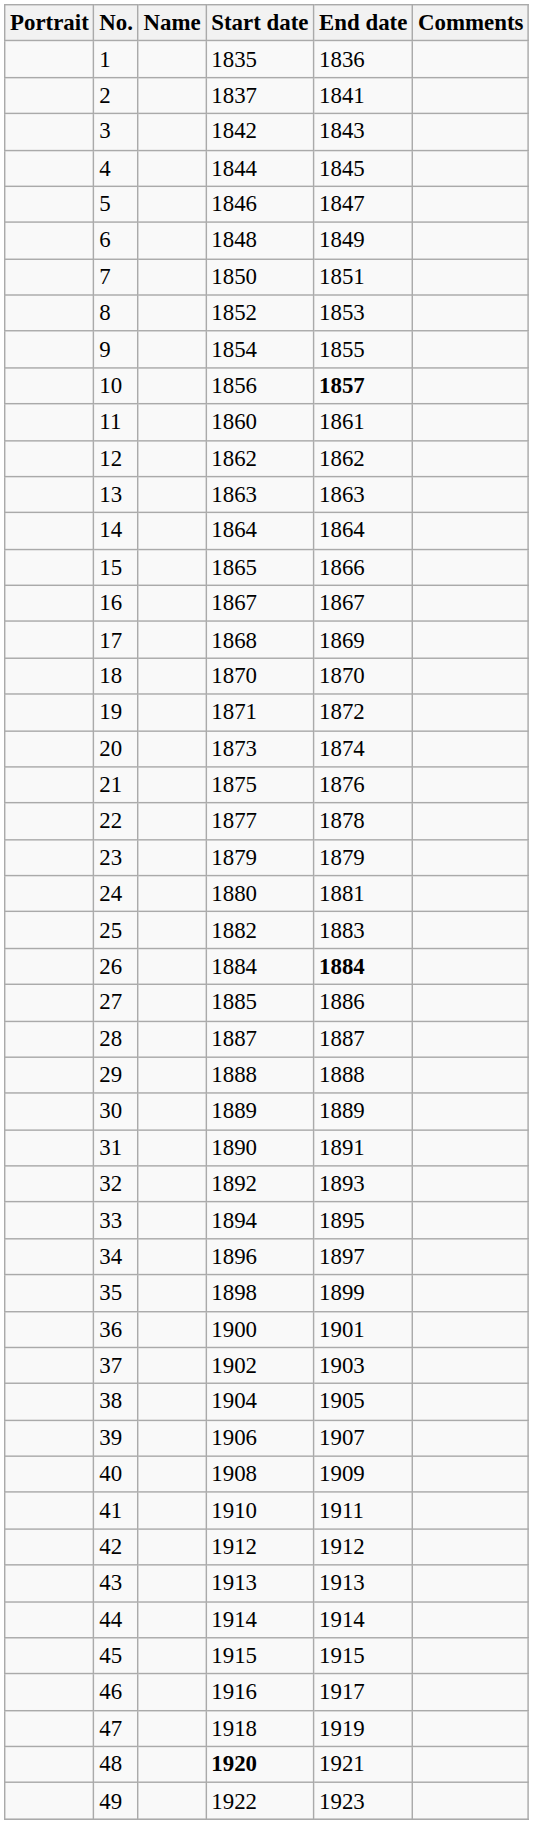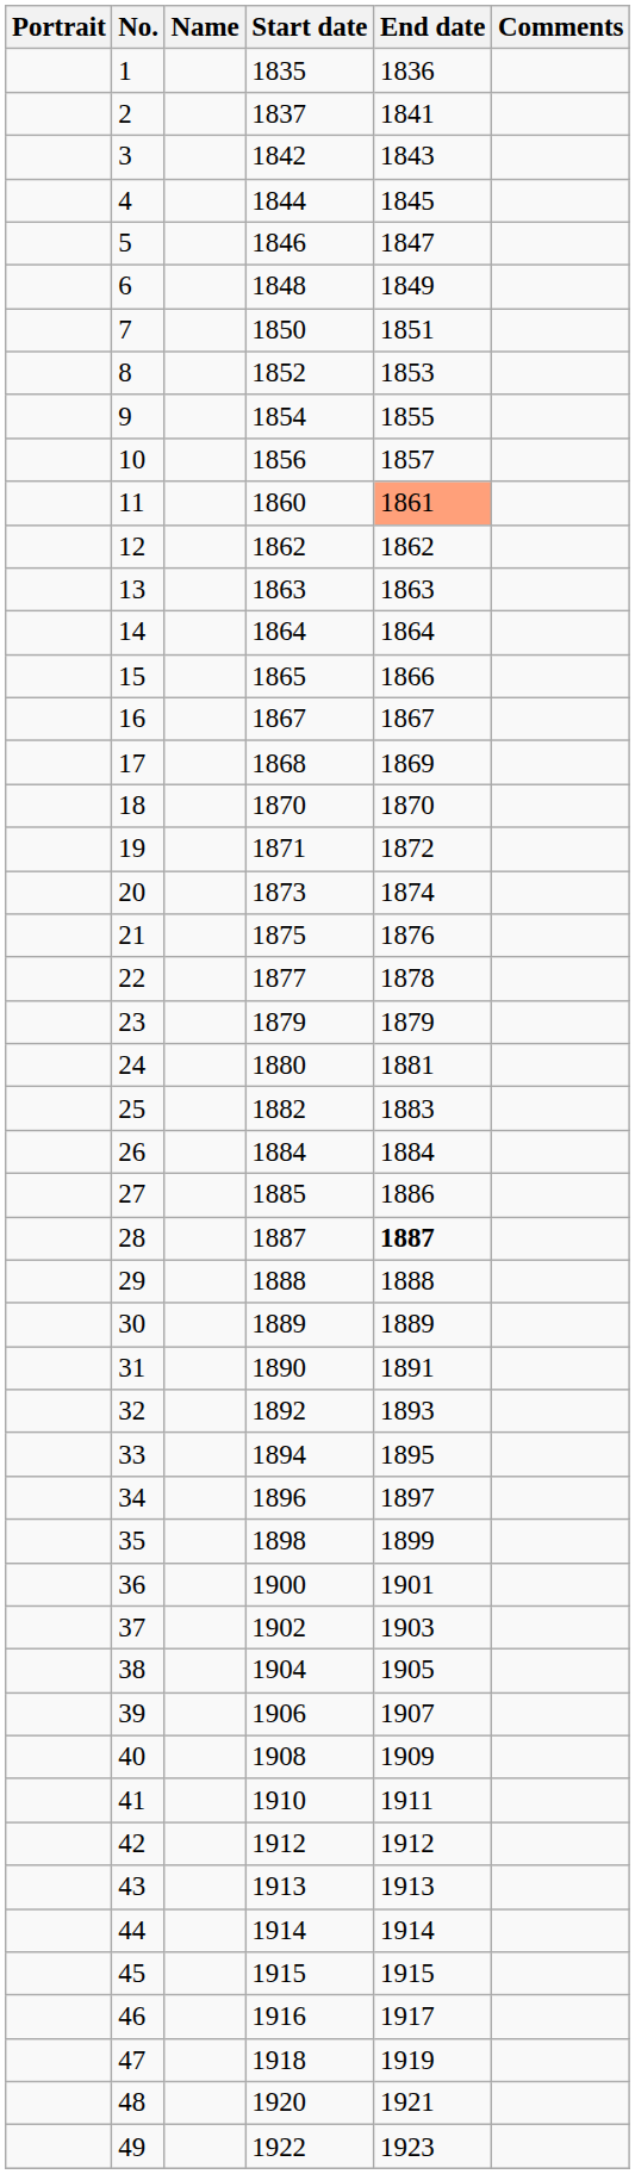 <table class="wikitable sortable">
 <tr>
 <th>Portrait</th>
 <th>No.</th>
 <th>Name</th>
 <th>Start date</th>
 <th>End date</th>
 <th>Comments</th>
 </tr>
 <tr>
 <td></td>
 <td>1</td>
 <td></td>
 <td>1835</td>
 <td>1836</td>
 <td></td>
 </tr>
 <tr>
 <td></td>
 <td>2</td>
 <td></td>
 <td>1837</td>
 <td>1841</td>
 <td></td>
 </tr>
 <tr>
 <td></td>
 <td>3</td>
 <td></td>
 <td>1842</td>
 <td>1843</td>
 <td></td>
 </tr>
 <tr>
 <td></td>
 <td>4</td>
 <td></td>
 <td>1844</td>
 <td>1845</td>
 <td></td>
 </tr>
 <tr>
 <td></td>
 <td>5</td>
 <td></td>
 <td>1846</td>
 <td>1847</td>
 <td></td>
 </tr>
 <tr>
 <td></td>
 <td>6</td>
 <td></td>
 <td>1848</td>
 <td>1849</td>
 <td></td>
 </tr>
 <tr>
 <td></td>
 <td>7</td>
 <td></td>
 <td>1850</td>
 <td>1851</td>
 <td></td>
 </tr>
 <tr>
 <td></td>
 <td>8</td>
 <td></td>
 <td>1852</td>
 <td>1853</td>
 <td></td>
 </tr>
 <tr>
 <td></td>
 <td>9</td>
 <td></td>
 <td>1854</td>
 <td>1855</td>
 <td></td>
 </tr>
 <tr>
 <td></td>
 <td>10</td>
 <td></td>
 <td>1856</td>
-<td><strong>1857</strong></td>
+<td>1857</td>
 <td></td>
 </tr>
 <tr>
 <td></td>
 <td>11</td>
 <td></td>
 <td>1860</td>
-<td>1861</td>
+<td style="background: lightsalmon;">1861</td>
 <td></td>
 </tr>
 <tr>
 <td></td>
 <td>12</td>
 <td></td>
 <td>1862</td>
 <td>1862</td>
 <td></td>
 </tr>
 <tr>
 <td></td>
 <td>13</td>
 <td></td>
 <td>1863</td>
 <td>1863</td>
 <td></td>
 </tr>
 <tr>
 <td></td>
 <td>14</td>
 <td></td>
 <td>1864</td>
 <td>1864</td>
 <td></td>
 </tr>
 <tr>
 <td></td>
 <td>15</td>
 <td></td>
 <td>1865</td>
 <td>1866</td>
 <td></td>
 </tr>
 <tr>
 <td></td>
 <td>16</td>
 <td></td>
 <td>1867</td>
 <td>1867</td>
 <td></td>
 </tr>
 <tr>
 <td></td>
 <td>17</td>
 <td></td>
 <td>1868</td>
 <td>1869</td>
 <td></td>
 </tr>
 <tr>
 <td></td>
 <td>18</td>
 <td></td>
 <td>1870</td>
 <td>1870</td>
 <td></td>
 </tr>
 <tr>
 <td></td>
 <td>19</td>
 <td></td>
 <td>1871</td>
 <td>1872</td>
 <td></td>
 </tr>
 <tr>
 <td></td>
 <td>20</td>
 <td></td>
 <td>1873</td>
 <td>1874</td>
 <td></td>
 </tr>
 <tr>
 <td></td>
 <td>21</td>
 <td></td>
 <td>1875</td>
 <td>1876</td>
 <td></td>
 </tr>
 <tr>
 <td></td>
 <td>22</td>
 <td></td>
 <td>1877</td>
 <td>1878</td>
 <td></td>
 </tr>
 <tr>
 <td></td>
 <td>23</td>
 <td></td>
 <td>1879</td>
 <td>1879</td>
 <td></td>
 </tr>
 <tr>
 <td></td>
 <td>24</td>
 <td></td>
 <td>1880</td>
 <td>1881</td>
 <td></td>
 </tr>
 <tr>
 <td></td>
 <td>25</td>
 <td></td>
 <td>1882</td>
 <td>1883</td>
 <td></td>
 </tr>
 <tr>
 <td></td>
 <td>26</td>
 <td></td>
 <td>1884</td>
-<td><strong>1884</strong></td>
+<td>1884</td>
 <td></td>
 </tr>
 <tr>
 <td></td>
 <td>27</td>
 <td></td>
 <td>1885</td>
 <td>1886</td>
 <td></td>
 </tr>
 <tr>
 <td></td>
 <td>28</td>
 <td></td>
 <td>1887</td>
-<td>1887</td>
+<td><strong>1887</strong></td>
 <td></td>
 </tr>
 <tr>
 <td></td>
 <td>29</td>
 <td></td>
 <td>1888</td>
 <td>1888</td>
 <td></td>
 </tr>
 <tr>
 <td></td>
 <td>30</td>
 <td></td>
 <td>1889</td>
 <td>1889</td>
 <td></td>
 </tr>
 <tr>
 <td></td>
 <td>31</td>
 <td></td>
 <td>1890</td>
 <td>1891</td>
 <td></td>
 </tr>
 <tr>
 <td></td>
 <td>32</td>
 <td></td>
 <td>1892</td>
 <td>1893</td>
 <td></td>
 </tr>
 <tr>
 <td></td>
 <td>33</td>
 <td></td>
 <td>1894</td>
 <td>1895</td>
 <td></td>
 </tr>
 <tr>
 <td></td>
 <td>34</td>
 <td></td>
 <td>1896</td>
 <td>1897</td>
 <td></td>
 </tr>
 <tr>
 <td></td>
 <td>35</td>
 <td></td>
 <td>1898</td>
 <td>1899</td>
 <td></td>
 </tr>
 <tr>
 <td></td>
 <td>36</td>
 <td></td>
 <td>1900</td>
 <td>1901</td>
 <td></td>
 </tr>
 <tr>
 <td></td>
 <td>37</td>
 <td></td>
 <td>1902</td>
 <td>1903</td>
 <td></td>
 </tr>
 <tr>
 <td></td>
 <td>38</td>
 <td></td>
 <td>1904</td>
 <td>1905</td>
 <td></td>
 </tr>
 <tr>
 <td></td>
 <td>39</td>
 <td></td>
 <td>1906</td>
 <td>1907</td>
 <td></td>
 </tr>
 <tr>
 <td></td>
 <td>40</td>
 <td></td>
 <td>1908</td>
 <td>1909</td>
 <td></td>
 </tr>
 <tr>
 <td></td>
 <td>41</td>
 <td></td>
 <td>1910</td>
 <td>1911</td>
 <td></td>
 </tr>
 <tr>
 <td></td>
 <td>42</td>
 <td></td>
 <td>1912</td>
 <td>1912</td>
 <td></td>
 </tr>
 <tr>
 <td></td>
 <td>43</td>
 <td></td>
 <td>1913</td>
 <td>1913</td>
 <td></td>
 </tr>
 <tr>
 <td></td>
 <td>44</td>
 <td></td>
 <td>1914</td>
 <td>1914</td>
 <td></td>
 </tr>
 <tr>
 <td></td>
 <td>45</td>
 <td></td>
 <td>1915</td>
 <td>1915</td>
 <td></td>
 </tr>
 <tr>
 <td></td>
 <td>46</td>
 <td></td>
 <td>1916</td>
 <td>1917</td>
 <td></td>
 </tr>
 <tr>
 <td></td>
 <td>47</td>
 <td></td>
 <td>1918</td>
 <td>1919</td>
 <td></td>
 </tr>
 <tr>
 <td></td>
 <td>48</td>
 <td></td>
-<td><strong>1920</strong></td>
+<td>1920</td>
 <td>1921</td>
 <td></td>
 </tr>
 <tr>
 <td></td>
 <td>49</td>
 <td></td>
 <td>1922</td>
 <td>1923</td>
 <td></td>
 </tr>
 <tr>
 </tr>
 </table>
